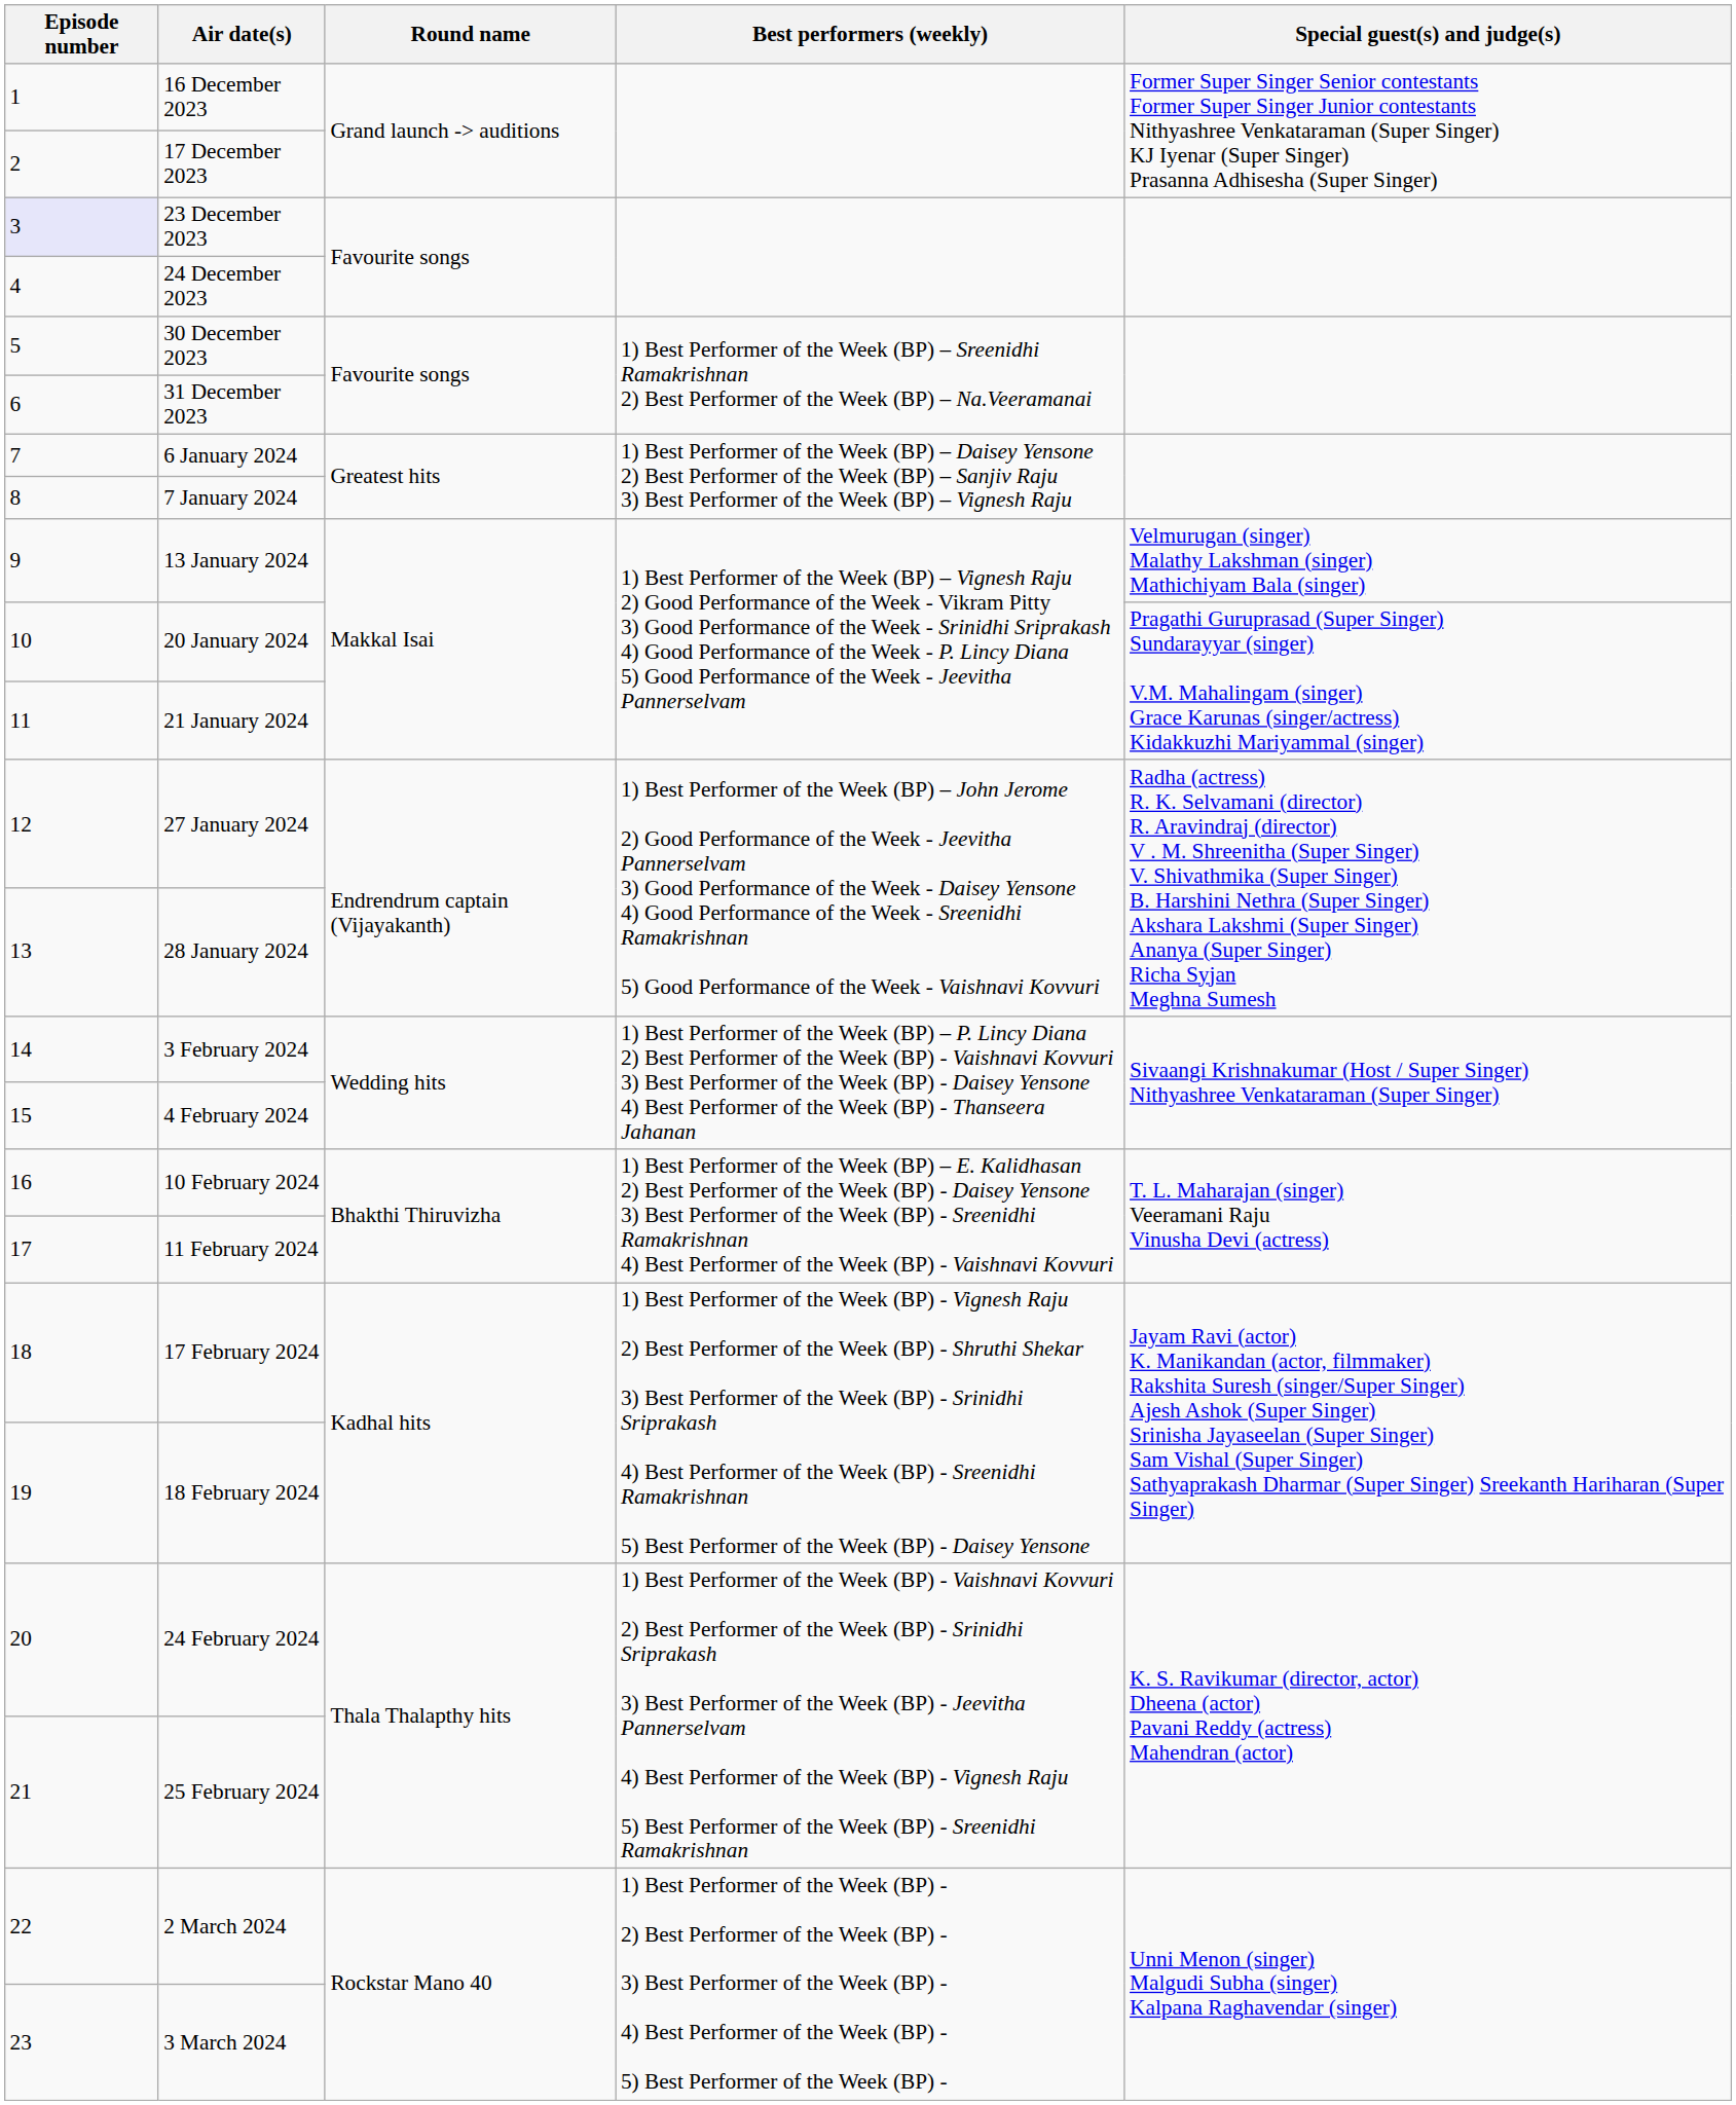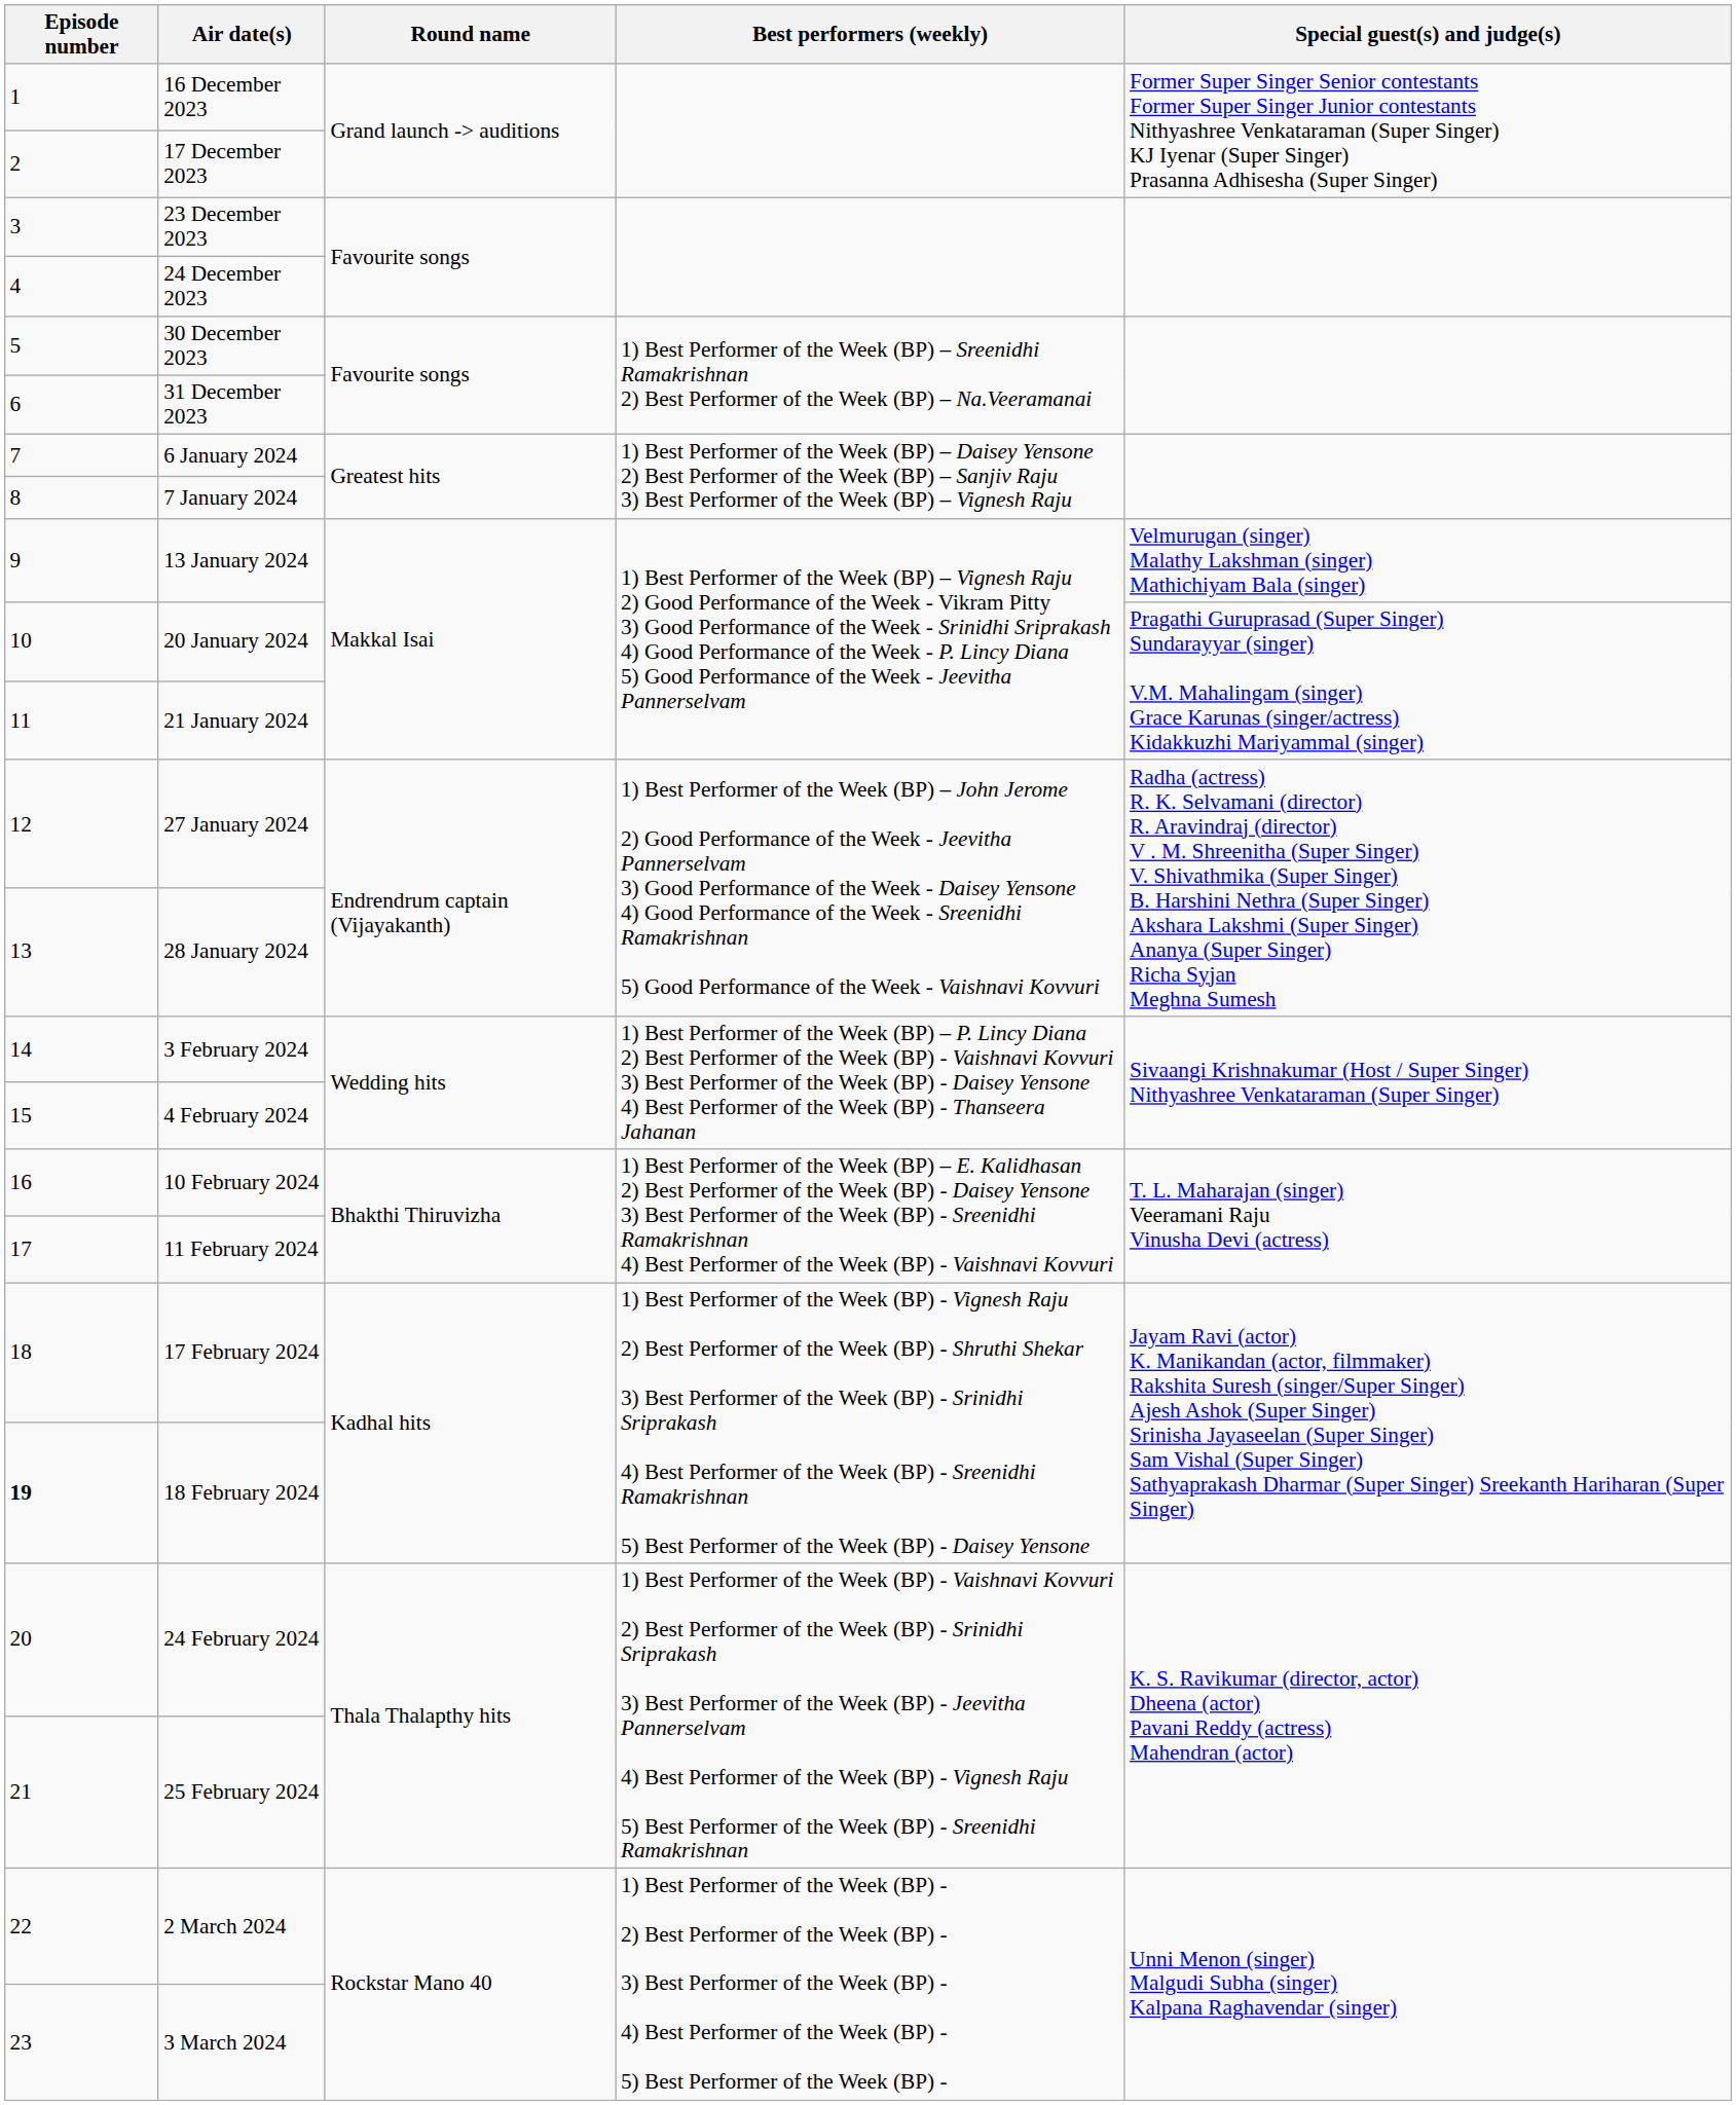 <table class="wikitable" width="100%">
 <tr>
 <th scope="col">Episode number</th>
 <th scope="col">Air date(s)</th>
 <th scope="col">Round name</th>
 <th scope="col">Best performers (weekly)</th>
 <th scope="col">Special guest(s) and judge(s)</th>
 </tr>
 <tr>
 <td>1</td>
 <td>16 December 2023</td>
 <td rowspan="2">Grand launch -> auditions</td>
 <td rowspan="2"></td>
 <td rowspan="2"><a href='#'>Former Super Singer Senior contestants</a><br><a href='#'>Former Super Singer Junior contestants</a><br>Nithyashree Venkataraman (Super Singer)<br>KJ Iyenar (Super Singer)<br>Prasanna Adhisesha (Super Singer)</td>
 </tr>
 <tr>
 <td>2</td>
 <td>17 December 2023</td>
 </tr>
 <tr>
-<td style="background: lavender;">3</td>
+<td>3</td>
 <td>23 December 2023</td>
 <td rowspan="2">Favourite songs</td>
 <td rowspan="2"></td>
 <td rowspan="2"></td>
 </tr>
 <tr>
 <td>4</td>
 <td>24 December 2023</td>
 </tr>
 <tr>
 <td>5</td>
 <td>30 December 2023</td>
 <td rowspan="2">Favourite songs</td>
 <td rowspan="2">1) Best Performer of the Week (BP) –   <em>Sreenidhi Ramakrishnan</em><br>2) Best Performer of the Week (BP) –  <em>Na.Veeramanai</em></td>
 <td rowspan="2"></td>
 </tr>
 <tr>
 <td>6</td>
 <td>31 December 2023</td>
 </tr>
 <tr>
 <td>7</td>
 <td>6 January 2024</td>
 <td rowspan="2">Greatest hits</td>
 <td rowspan="2">1) Best Performer of the Week (BP) –  <em>Daisey Yensone</em><br>2) Best Performer of the Week (BP) –  <em>Sanjiv Raju</em><br>3) Best Performer of the Week (BP) –  <em>Vignesh Raju</em></td>
 <td rowspan="2"></td>
 </tr>
 <tr>
 <td>8</td>
 <td>7 January 2024</td>
 </tr>
 <tr>
 <td>9</td>
 <td>13 January 2024</td>
 <td rowspan="3">Makkal Isai</td>
 <td rowspan="3">1) Best Performer of the Week (BP)  –  <em>Vignesh Raju</em><br>2) Good Performance of the Week  - Vikram Pitty<br>3) Good Performance of the Week - <em>Srinidhi Sriprakash</em><br>4) Good Performance of the Week - <em>P. Lincy Diana</em><br>5) Good Performance of the Week - <em>Jeevitha Pannerselvam</em></td>
 <td><a href='#'>Velmurugan (singer)</a><br><a href='#'>Malathy Lakshman (singer)</a><br><a href='#'>Mathichiyam Bala (singer)</a><br></td>
 </tr>
 <tr>
 <td>10</td>
 <td>20 January 2024</td>
 <td rowspan="2"><a href='#'>Pragathi Guruprasad (Super Singer)</a><br><a href='#'>Sundarayyar (singer)</a> <br><br><a href='#'>V.M. Mahalingam (singer)</a><br><a href='#'>Grace Karunas (singer/actress)</a><br> <a href='#'>Kidakkuzhi Mariyammal (singer)</a><br></td>
 </tr>
 <tr>
 <td>11</td>
 <td>21 January 2024</td>
 </tr>
 <tr>
 <td>12</td>
 <td>27 January 2024</td>
 <td rowspan="2"><br><br>Endrendrum captain (Vijayakanth)</td>
 <td rowspan="2">1) Best Performer of the Week (BP)  – <em>John Jerome</em><br><br>2) Good Performance of the Week  - <em>Jeevitha Pannerselvam</em><br>3) Good Performance of the Week - <em>Daisey Yensone</em><br>4) Good Performance of the Week - <em>Sreenidhi Ramakrishnan</em><br><br>5) Good Performance of the Week - <em>Vaishnavi Kovvuri</em></td>
 <td rowspan="2"><a href='#'>Radha (actress)</a> <br><a href='#'>R. K. Selvamani (director)</a><br><a href='#'>R. Aravindraj (director)</a><br><a href='#'>V . M. Shreenitha (Super Singer)</a><br><a href='#'>V. Shivathmika (Super Singer)</a><br><a href='#'>B. Harshini Nethra (Super Singer)</a><br><a href='#'>Akshara Lakshmi (Super Singer)</a><br><a href='#'>Ananya (Super Singer)</a><br><a href='#'>Richa Syjan</a><br><a href='#'>Meghna Sumesh</a></td>
 </tr>
 <tr>
 <td>13</td>
 <td>28 January 2024</td>
 </tr>
 <tr>
 <td>14</td>
 <td>3 February 2024</td>
 <td rowspan="2">Wedding hits</td>
 <td rowspan="2">1) Best Performer of the Week (BP)  –  <em>P. Lincy Diana</em><br>2) Best Performer of the Week (BP)  - <em>Vaishnavi Kovvuri</em><br>3) Best Performer of the Week (BP) - <em>Daisey Yensone</em><br>4) Best Performer of the Week (BP) - <em>Thanseera Jahanan</em></td>
 <td rowspan="2"><a href='#'>Sivaangi Krishnakumar (Host / Super Singer)</a><br><a href='#'>Nithyashree Venkataraman (Super Singer)</a></td>
 </tr>
 <tr>
 <td>15</td>
 <td>4 February 2024</td>
 </tr>
 <tr>
 <td>16</td>
 <td>10 February 2024</td>
 <td rowspan="2">Bhakthi Thiruvizha</td>
 <td rowspan="2">1) Best Performer of the Week (BP)  –  <em>E. Kalidhasan</em><br>2) Best Performer of the Week (BP) - <em>Daisey Yensone</em><br>3) Best Performer of the Week (BP) - <em>Sreenidhi Ramakrishnan</em><br>4) Best Performer of the Week (BP) - <em>Vaishnavi Kovvuri</em></td>
 <td rowspan="2"><a href='#'>T. L. Maharajan (singer)</a><br>Veeramani Raju<br><a href='#'>Vinusha Devi (actress)</a></td>
 </tr>
 <tr>
 <td>17</td>
 <td>11 February 2024</td>
 </tr>
 <tr>
 <td>18</td>
 <td>17 February 2024</td>
 <td rowspan="2">Kadhal hits</td>
 <td rowspan="2">1) Best Performer of the Week (BP) - <em>Vignesh Raju</em><br><br>2) Best Performer of the Week (BP) - <em>Shruthi Shekar</em><br><br>3) Best Performer of the Week (BP) - <em>Srinidhi Sriprakash</em><br><br>4) Best Performer of the Week (BP) - <em>Sreenidhi Ramakrishnan</em><br><br>5) Best Performer of the Week (BP) - <em>Daisey Yensone</em></td>
 <td rowspan="2"><a href='#'>Jayam Ravi (actor)</a><br><a href='#'>K. Manikandan (actor, filmmaker)</a><br><a href='#'>Rakshita Suresh (singer/Super Singer)</a><br><a href='#'>Ajesh Ashok (Super Singer)</a><br><a href='#'>Srinisha Jayaseelan (Super Singer)</a><br><a href='#'>Sam Vishal (Super Singer)</a><br><a href='#'>Sathyaprakash Dharmar (Super Singer)</a> <a href='#'>Sreekanth Hariharan (Super Singer)</a></td>
 </tr>
 <tr>
-<td>19</td>
+<td><strong>19</strong></td>
 <td>18 February 2024</td>
 </tr>
 <tr>
 <td>20</td>
 <td>24 February 2024</td>
 <td rowspan="2">Thala Thalapthy hits</td>
 <td rowspan="2">1) Best Performer of the Week (BP) - <em>Vaishnavi Kovvuri</em><br><br>2) Best Performer of the Week (BP) - <em>Srinidhi Sriprakash</em><br><br>3) Best Performer of the Week (BP) - <em>Jeevitha Pannerselvam</em><br><br>4) Best Performer of the Week (BP) - <em>Vignesh Raju</em><br><br>5) Best Performer of the Week (BP) - <em>Sreenidhi Ramakrishnan</em></td>
 <td rowspan="2"><a href='#'>K. S. Ravikumar (director, actor)</a><br><a href='#'>Dheena (actor)</a><br><a href='#'>Pavani Reddy (actress)</a><br><a href='#'>Mahendran (actor)</a></td>
 </tr>
 <tr>
 <td>21</td>
 <td>25 February 2024</td>
 </tr>
 <tr>
 <td>22</td>
 <td>2 March 2024</td>
 <td rowspan="2">Rockstar Mano 40</td>
 <td rowspan="2">1) Best Performer of the Week (BP) - <br><br>2) Best Performer of the Week (BP) - <br><br>3) Best Performer of the Week (BP) - <br><br>4) Best Performer of the Week (BP) - <br><br>5) Best Performer of the Week (BP) -</td>
 <td rowspan="2"><a href='#'>Unni Menon (singer)</a><br><a href='#'>Malgudi Subha (singer)</a><br><a href='#'>Kalpana Raghavendar (singer)</a></td>
 </tr>
 <tr>
 <td>23</td>
 <td>3 March 2024</td>
 </tr>
 </table>
